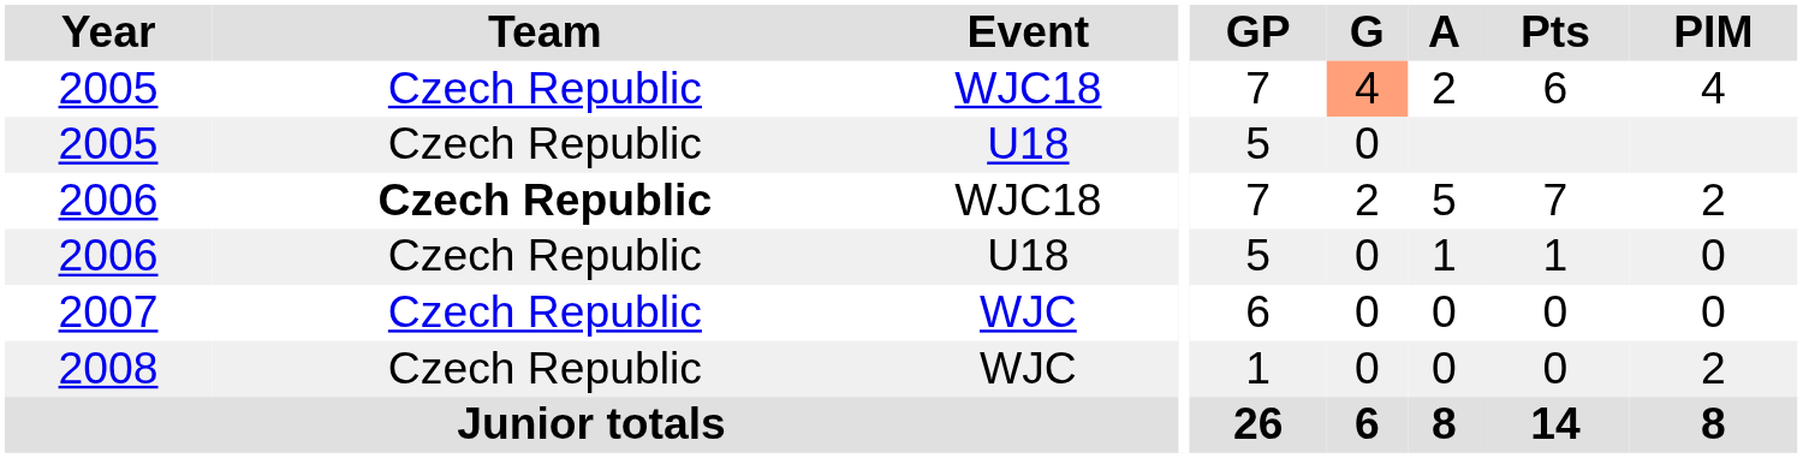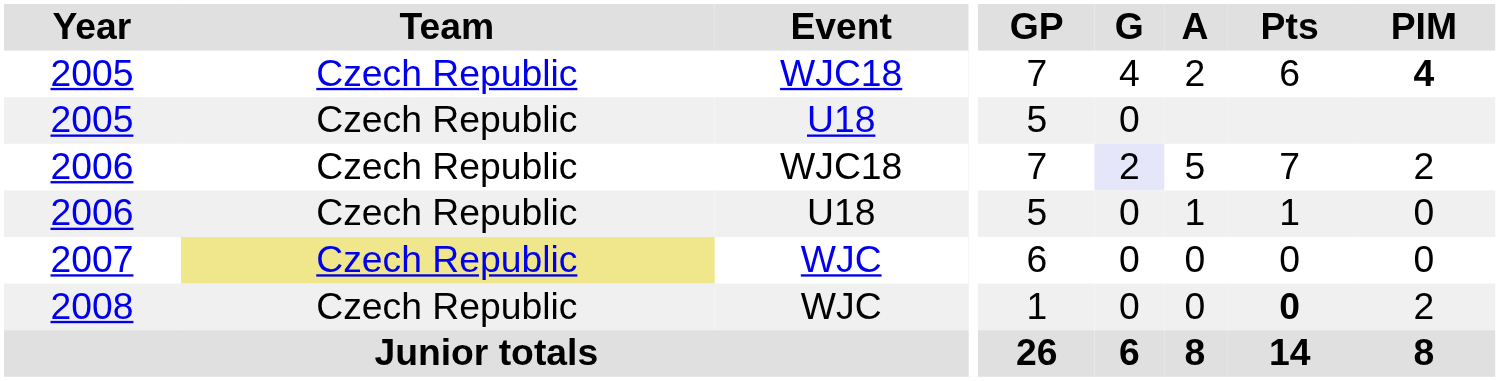 <table border="0" cellpadding="1" cellspacing="0" ID="Table3" style="text-align:center; width:40em">
 <tr ALIGN="center" bgcolor="#e0e0e0">
 <th>Year</th>
 <th>Team</th>
 <th>Event</th>
 <th rowspan="99" bgcolor="#ffffff"></th>
 <th>GP</th>
 <th>G</th>
 <th>A</th>
 <th>Pts</th>
 <th>PIM</th>
 </tr>
 <tr>
 <td><a href='#'>2005</a></td>
 <td><a href='#'>Czech Republic</a></td>
 <td><a href='#'>WJC18</a></td>
 <td>7</td>
-<td style="background: lightsalmon;">4</td>
+<td>4</td>
 <td>2</td>
 <td>6</td>
-<td>4</td>
+<td><strong>4</strong></td>
 </tr>
 <tr bgcolor="#f0f0f0">
 <td><a href='#'>2005</a></td>
 <td>Czech Republic</td>
 <td><a href='#'>U18</a></td>
 <td>5</td>
 <td>0</td>
 <td></td>
 <td></td>
 <td></td>
 </tr>
 <tr>
 <td><a href='#'>2006</a></td>
-<td><strong>Czech Republic</strong></td>
+<td>Czech Republic</td>
 <td>WJC18</td>
 <td>7</td>
-<td>2</td>
+<td style="background: lavender;">2</td>
 <td>5</td>
 <td>7</td>
 <td>2</td>
 </tr>
 <tr bgcolor="#f0f0f0">
 <td><a href='#'>2006</a></td>
 <td>Czech Republic</td>
 <td>U18</td>
 <td>5</td>
 <td>0</td>
 <td>1</td>
 <td>1</td>
 <td>0</td>
 </tr>
 <tr>
 <td><a href='#'>2007</a></td>
-<td><a href='#'>Czech Republic</a></td>
+<td style="background: khaki;"><a href='#'>Czech Republic</a></td>
 <td><a href='#'>WJC</a></td>
 <td>6</td>
 <td>0</td>
 <td>0</td>
 <td>0</td>
 <td>0</td>
 </tr>
 <tr bgcolor="#f0f0f0">
 <td><a href='#'>2008</a></td>
 <td>Czech Republic</td>
 <td>WJC</td>
 <td>1</td>
 <td>0</td>
 <td>0</td>
-<td>0</td>
+<td><strong>0</strong></td>
 <td>2</td>
 </tr>
 <tr bgcolor="#e0e0e0">
 <th colspan="3">Junior totals</th>
 <th>26</th>
 <th>6</th>
 <th>8</th>
 <th>14</th>
 <th>8</th>
 </tr>
 </table>
